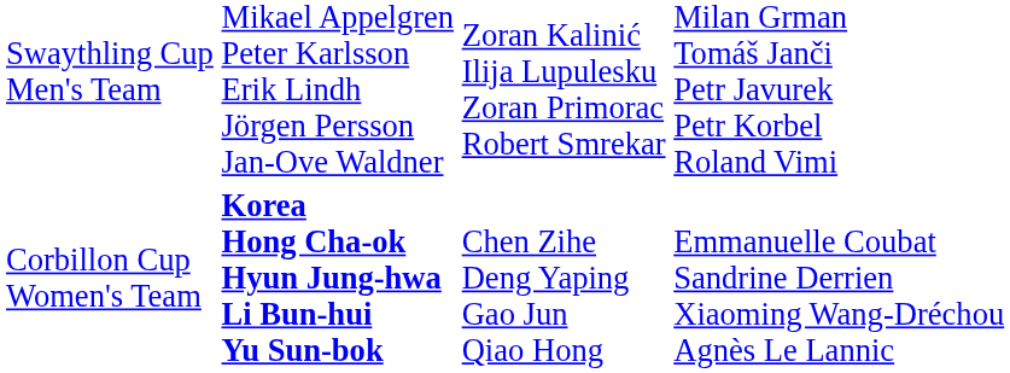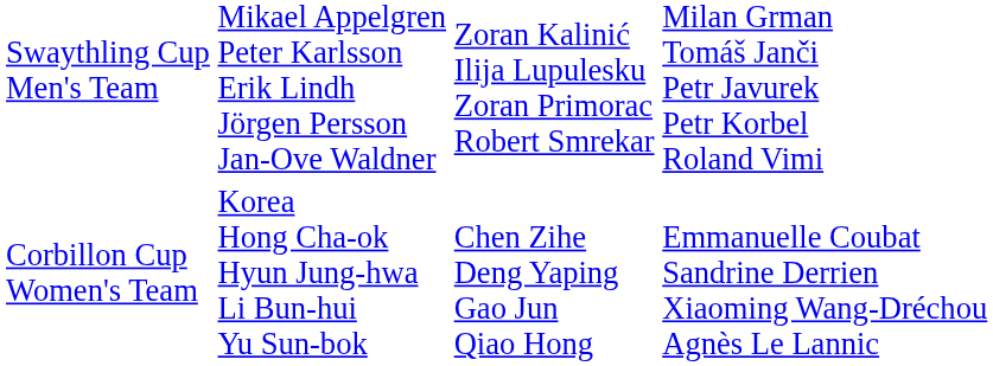 <table>
 <tr>
 <td><a href='#'>Swaythling Cup<br>Men's Team</a></td>
 <td><br><a href='#'>Mikael Appelgren</a><br><a href='#'>Peter Karlsson</a><br><a href='#'>Erik Lindh</a><br><a href='#'>Jörgen Persson</a><br><a href='#'>Jan-Ove Waldner</a></td>
 <td><br><a href='#'>Zoran Kalinić</a><br><a href='#'>Ilija Lupulesku</a><br><a href='#'>Zoran Primorac</a><br><a href='#'>Robert Smrekar</a></td>
 <td><br><a href='#'>Milan Grman</a><br><a href='#'>Tomáš Janči</a><br><a href='#'>Petr Javurek</a><br><a href='#'>Petr Korbel</a><br><a href='#'>Roland Vimi</a></td>
 </tr>
 <tr>
 <td><a href='#'>Corbillon Cup<br>Women's Team</a></td>
-<td><strong> <a href='#'>Korea</a><br><a href='#'>Hong Cha-ok</a><br><a href='#'>Hyun Jung-hwa</a><br><a href='#'>Li Bun-hui</a><br><a href='#'>Yu Sun-bok</a></strong></td>
+<td> <a href='#'>Korea</a><br><a href='#'>Hong Cha-ok</a><br><a href='#'>Hyun Jung-hwa</a><br><a href='#'>Li Bun-hui</a><br><a href='#'>Yu Sun-bok</a></td>
 <td><br><a href='#'>Chen Zihe</a><br><a href='#'>Deng Yaping</a><br><a href='#'>Gao Jun</a><br><a href='#'>Qiao Hong</a></td>
 <td><br><a href='#'>Emmanuelle Coubat</a><br><a href='#'>Sandrine Derrien</a><br><a href='#'>Xiaoming Wang-Dréchou</a><br><a href='#'>Agnès Le Lannic</a></td>
 </tr>
 </table>
